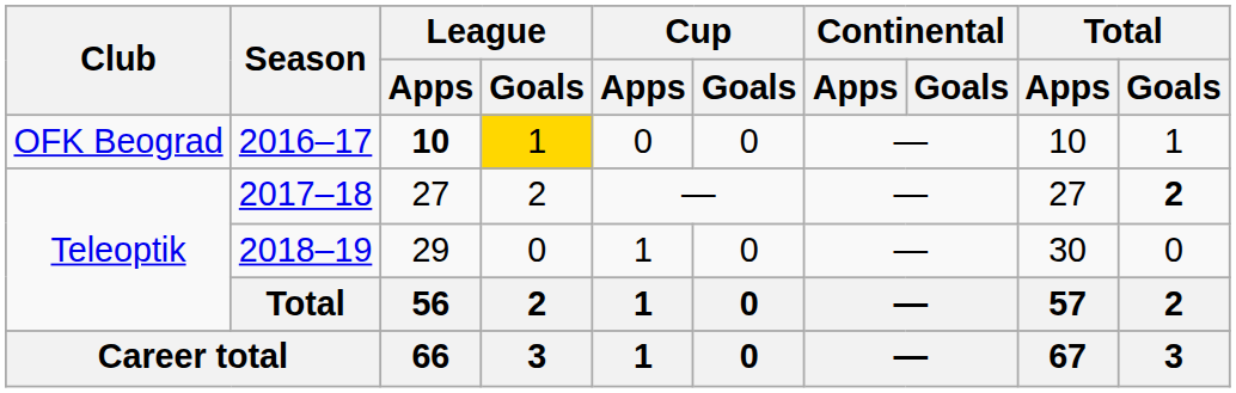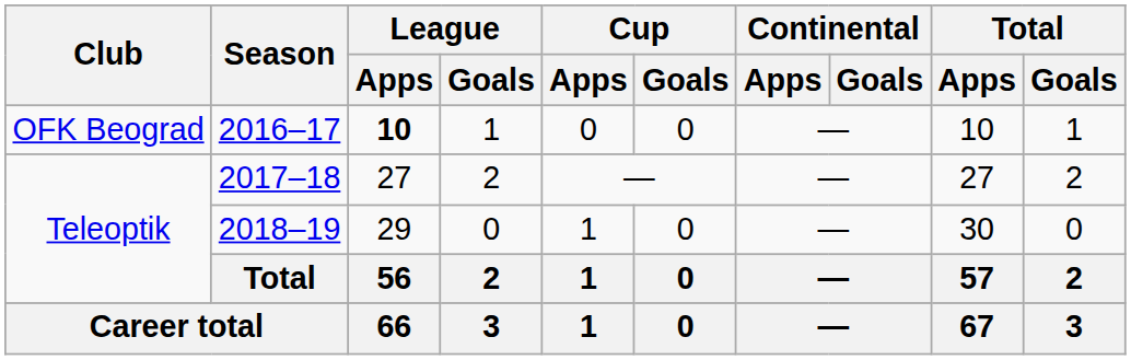 <table class="wikitable" style="text-align:center">
 <tr>
 <th rowspan="2">Club</th>
 <th rowspan="2">Season</th>
 <th colspan="2">League</th>
 <th colspan="2">Cup</th>
 <th colspan="2">Continental</th>
 <th colspan="2">Total</th>
 </tr>
 <tr>
 <th>Apps</th>
 <th>Goals</th>
 <th>Apps</th>
 <th>Goals</th>
 <th>Apps</th>
 <th>Goals</th>
 <th>Apps</th>
 <th>Goals</th>
 </tr>
 <tr>
 <td><a href='#'>OFK Beograd</a></td>
 <td><a href='#'>2016–17</a></td>
 <td><strong>10</strong></td>
-<td style="background: gold;">1</td>
+<td>1</td>
 <td>0</td>
 <td>0</td>
 <td colspan="2">—</td>
 <td>10</td>
 <td>1</td>
 </tr>
 <tr>
 <td rowspan="3"><a href='#'>Teleoptik</a></td>
 <td><a href='#'>2017–18</a></td>
 <td>27</td>
 <td>2</td>
 <td colspan="2">—</td>
 <td colspan="2">—</td>
 <td>27</td>
-<td><strong>2</strong></td>
+<td>2</td>
 </tr>
 <tr>
 <td><a href='#'>2018–19</a></td>
 <td>29</td>
 <td>0</td>
 <td>1</td>
 <td>0</td>
 <td colspan="2">—</td>
 <td>30</td>
 <td>0</td>
 </tr>
 <tr>
 <th>Total</th>
 <th>56</th>
 <th>2</th>
 <th>1</th>
 <th>0</th>
 <th colspan="2">—</th>
 <th>57</th>
 <th>2</th>
 </tr>
 <tr>
 <th colspan="2">Career total</th>
 <th>66</th>
 <th>3</th>
 <th>1</th>
 <th>0</th>
 <th colspan="2">—</th>
 <th>67</th>
 <th>3</th>
 </tr>
 </table>
